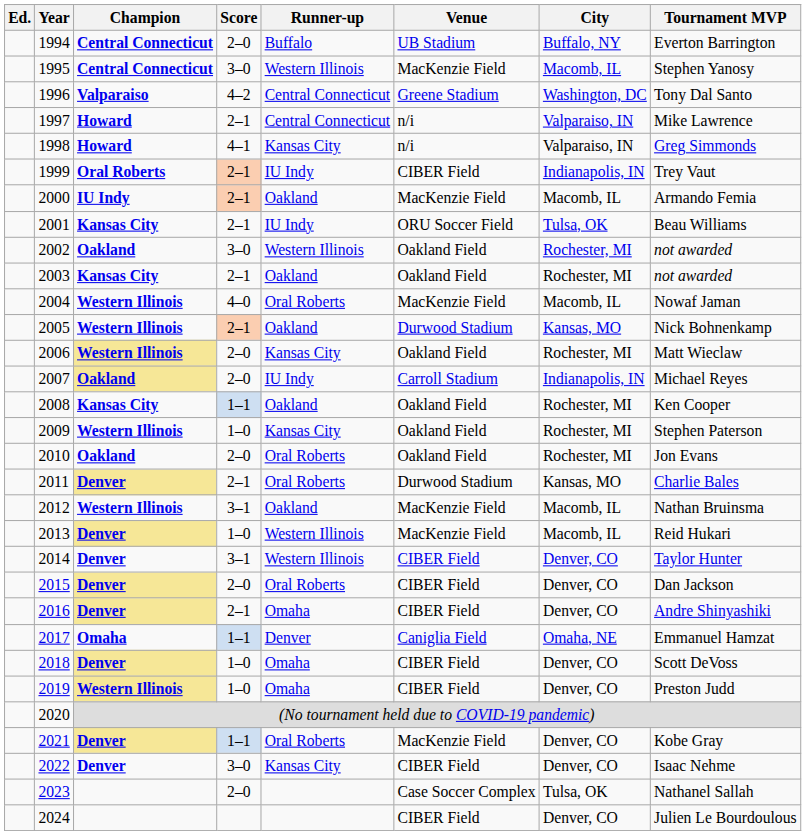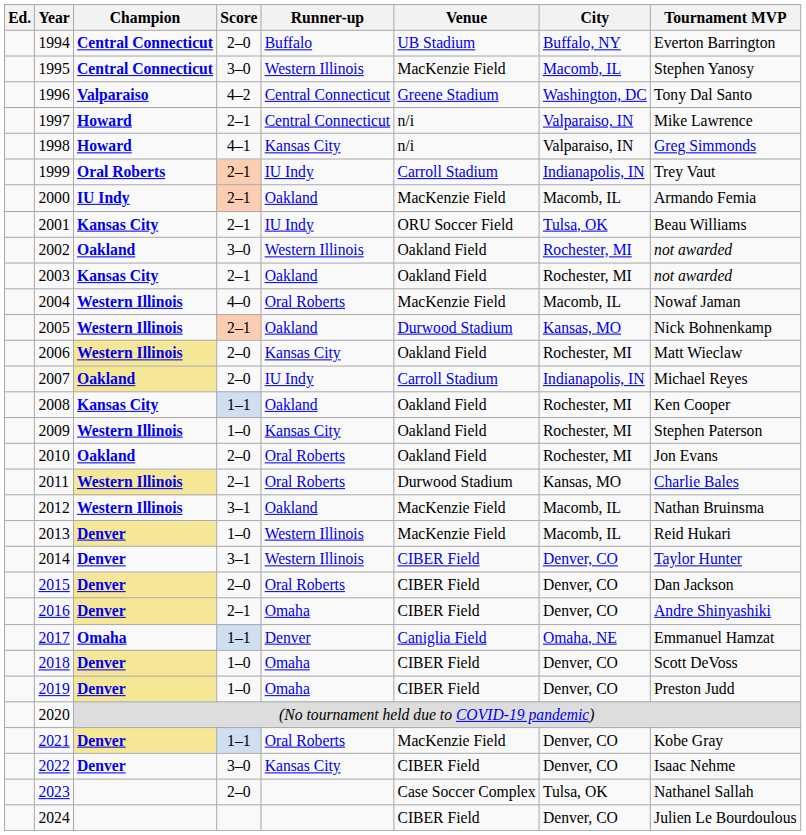 <table class="wikitable sortable"; style= "font-size: 95%">
 <tr>
 <th width=px>Ed.</th>
 <th width=px>Year</th>
 <th width=px>Champion</th>
 <th width=px>Score</th>
 <th width=px>Runner-up</th>
 <th width=px>Venue</th>
 <th width=px>City</th>
 <th width=px>Tournament MVP</th>
 </tr>
 <tr>
 <td></td>
 <td>1994</td>
 <td><strong><a href='#'>Central Connecticut</a></strong> </td>
 <td align="center">2–0</td>
 <td><a href='#'>Buffalo</a></td>
 <td><a href='#'>UB Stadium</a></td>
 <td><a href='#'>Buffalo, NY</a></td>
 <td>Everton Barrington </td>
 </tr>
 <tr>
 <td></td>
 <td>1995</td>
 <td><strong><a href='#'>Central Connecticut</a></strong> </td>
 <td align="center">3–0</td>
 <td><a href='#'>Western Illinois</a></td>
 <td>MacKenzie Field</td>
 <td><a href='#'>Macomb, IL</a></td>
 <td>Stephen Yanosy </td>
 </tr>
 <tr>
 <td></td>
 <td>1996</td>
 <td><strong><a href='#'>Valparaiso</a></strong> </td>
 <td align="center">4–2</td>
 <td><a href='#'>Central Connecticut</a></td>
 <td><a href='#'>Greene Stadium</a></td>
 <td><a href='#'>Washington, DC</a></td>
 <td>Tony Dal Santo </td>
 </tr>
 <tr>
 <td></td>
 <td>1997</td>
 <td><strong><a href='#'>Howard</a></strong> </td>
 <td align="center">2–1</td>
 <td><a href='#'>Central Connecticut</a></td>
 <td>n/i</td>
 <td><a href='#'>Valparaiso, IN</a></td>
 <td>Mike Lawrence </td>
 </tr>
 <tr>
 <td></td>
 <td>1998</td>
 <td><strong><a href='#'>Howard</a></strong> </td>
 <td align="center">4–1</td>
 <td><a href='#'>Kansas City</a></td>
 <td>n/i</td>
 <td>Valparaiso, IN</td>
 <td><a href='#'>Greg Simmonds</a> </td>
 </tr>
 <tr>
 <td></td>
 <td>1999</td>
 <td><strong><a href='#'>Oral Roberts</a></strong> </td>
 <td align="center" style="background-color:#FBCEB1">2–1 </td>
 <td><a href='#'>IU Indy</a></td>
-<td>CIBER Field</td>
+<td><a href='#'>Carroll Stadium</a></td>
 <td><a href='#'>Indianapolis, IN</a></td>
 <td>Trey Vaut </td>
 </tr>
 <tr>
 <td></td>
 <td>2000</td>
 <td><strong><a href='#'>IU Indy</a></strong> </td>
 <td align="center" style="background-color:#FBCEB1">2–1 </td>
 <td><a href='#'>Oakland</a></td>
 <td>MacKenzie Field</td>
 <td>Macomb, IL</td>
 <td>Armando Femia </td>
 </tr>
 <tr>
 <td></td>
 <td>2001</td>
 <td><strong><a href='#'>Kansas City</a></strong> </td>
 <td align="center">2–1</td>
 <td><a href='#'>IU Indy</a></td>
 <td>ORU Soccer Field</td>
 <td><a href='#'>Tulsa, OK</a></td>
 <td>Beau Williams </td>
 </tr>
 <tr>
 <td></td>
 <td>2002</td>
 <td><strong><a href='#'>Oakland</a></strong> </td>
 <td align="center">3–0</td>
 <td><a href='#'>Western Illinois</a></td>
 <td>Oakland Field</td>
 <td><a href='#'>Rochester, MI</a></td>
 <td><em>not awarded</em></td>
 </tr>
 <tr>
 <td></td>
 <td>2003</td>
 <td><strong><a href='#'>Kansas City</a></strong> </td>
 <td align="center">2–1</td>
 <td><a href='#'>Oakland</a></td>
 <td>Oakland Field</td>
 <td>Rochester, MI</td>
 <td><em>not awarded</em></td>
 </tr>
 <tr>
 <td></td>
 <td>2004</td>
 <td><strong><a href='#'>Western Illinois</a></strong> </td>
 <td align="center">4–0</td>
 <td><a href='#'>Oral Roberts</a></td>
 <td>MacKenzie Field</td>
 <td>Macomb, IL</td>
 <td>Nowaf Jaman </td>
 </tr>
 <tr>
 <td></td>
 <td>2005</td>
 <td><strong><a href='#'>Western Illinois</a></strong> </td>
 <td align="center" style="background-color:#FBCEB1">2–1 </td>
 <td><a href='#'>Oakland</a></td>
 <td><a href='#'>Durwood Stadium</a></td>
 <td><a href='#'>Kansas, MO</a></td>
 <td>Nick Bohnenkamp </td>
 </tr>
 <tr>
 <td></td>
 <td>2006</td>
 <td bgcolor= #F6E797><strong><a href='#'>Western Illinois</a></strong> </td>
 <td align="center">2–0</td>
 <td><a href='#'>Kansas City</a></td>
 <td>Oakland Field</td>
 <td>Rochester, MI</td>
 <td>Matt Wieclaw </td>
 </tr>
 <tr>
 <td></td>
 <td>2007</td>
 <td bgcolor= #F6E797><strong><a href='#'>Oakland</a></strong> </td>
 <td align="center">2–0</td>
 <td><a href='#'>IU Indy</a></td>
 <td><a href='#'>Carroll Stadium</a></td>
 <td><a href='#'>Indianapolis, IN</a></td>
 <td>Michael Reyes </td>
 </tr>
 <tr>
 <td></td>
 <td>2008</td>
 <td><strong><a href='#'>Kansas City</a></strong> </td>
 <td align="center" style="background-color:#cedff2">1–1 </td>
 <td><a href='#'>Oakland</a></td>
 <td>Oakland Field</td>
 <td>Rochester, MI</td>
 <td>Ken Cooper </td>
 </tr>
 <tr>
 <td></td>
 <td>2009</td>
 <td><strong><a href='#'>Western Illinois</a></strong> </td>
 <td align="center">1–0</td>
 <td><a href='#'>Kansas City</a></td>
 <td>Oakland Field</td>
 <td>Rochester, MI</td>
 <td>Stephen Paterson </td>
 </tr>
 <tr>
 <td></td>
 <td>2010</td>
 <td><strong><a href='#'>Oakland</a></strong> </td>
 <td align="center">2–0</td>
 <td><a href='#'>Oral Roberts</a></td>
 <td>Oakland Field</td>
 <td>Rochester, MI</td>
 <td>Jon Evans </td>
 </tr>
 <tr>
 <td></td>
 <td>2011</td>
-<td bgcolor= #F6E797><strong><a href='#'>Denver</a></strong> </td>
+<td bgcolor= #F6E797><strong><a href='#'>Western Illinois</a></strong> </td>
 <td align="center">2–1</td>
 <td><a href='#'>Oral Roberts</a></td>
 <td>Durwood Stadium</td>
 <td>Kansas, MO</td>
 <td><a href='#'>Charlie Bales</a> </td>
 </tr>
 <tr>
 <td></td>
 <td>2012</td>
 <td><strong><a href='#'>Western Illinois</a></strong> </td>
 <td align="center">3–1</td>
 <td><a href='#'>Oakland</a></td>
 <td>MacKenzie Field</td>
 <td>Macomb, IL</td>
 <td>Nathan Bruinsma </td>
 </tr>
 <tr>
 <td></td>
 <td>2013</td>
 <td bgcolor= #F6E797><strong><a href='#'>Denver</a></strong> </td>
 <td align="center">1–0</td>
 <td><a href='#'>Western Illinois</a></td>
 <td>MacKenzie Field</td>
 <td>Macomb, IL</td>
 <td>Reid Hukari </td>
 </tr>
 <tr>
 <td></td>
 <td>2014</td>
 <td><strong><a href='#'>Denver</a></strong> </td>
 <td align="center">3–1</td>
 <td><a href='#'>Western Illinois</a></td>
 <td><a href='#'>CIBER Field</a></td>
 <td><a href='#'>Denver, CO</a></td>
 <td><a href='#'>Taylor Hunter</a> </td>
 </tr>
 <tr>
 <td></td>
 <td><a href='#'>2015</a></td>
 <td bgcolor= #F6E797><strong><a href='#'>Denver</a></strong> </td>
 <td align=center>2–0</td>
 <td><a href='#'>Oral Roberts</a></td>
 <td>CIBER Field</td>
 <td>Denver, CO</td>
 <td>Dan Jackson </td>
 </tr>
 <tr>
 <td></td>
 <td><a href='#'>2016</a></td>
 <td bgcolor= #F6E797><strong><a href='#'>Denver</a></strong> </td>
 <td align="center">2–1</td>
 <td><a href='#'>Omaha</a></td>
 <td>CIBER Field</td>
 <td>Denver, CO</td>
 <td><a href='#'>Andre Shinyashiki</a> </td>
 </tr>
 <tr>
 <td></td>
 <td><a href='#'>2017</a></td>
 <td><strong><a href='#'>Omaha</a></strong> </td>
 <td align="center" style="background-color:#cedff2">1–1 </td>
 <td><a href='#'>Denver</a></td>
 <td><a href='#'>Caniglia Field</a></td>
 <td><a href='#'>Omaha, NE</a></td>
 <td>Emmanuel Hamzat </td>
 </tr>
 <tr>
 <td></td>
 <td><a href='#'>2018</a></td>
 <td bgcolor= #F6E797><strong><a href='#'>Denver</a></strong> </td>
 <td align="center">1–0</td>
 <td><a href='#'>Omaha</a></td>
 <td>CIBER Field</td>
 <td>Denver, CO</td>
 <td>Scott DeVoss </td>
 </tr>
 <tr>
 <td></td>
 <td><a href='#'>2019</a></td>
-<td bgcolor= #F6E797><strong><a href='#'>Western Illinois</a></strong> </td>
+<td bgcolor= #F6E797><strong><a href='#'>Denver</a></strong> </td>
 <td align="center">1–0</td>
 <td><a href='#'>Omaha</a></td>
 <td>CIBER Field</td>
 <td>Denver, CO</td>
 <td>Preston Judd </td>
 </tr>
 <tr>
 <td></td>
 <td>2020</td>
 <td colspan=6 align="center" style= background:#dddddd><em>(No tournament held due to <a href='#'>COVID-19 pandemic</a>)</em> </td>
 </tr>
 <tr>
 <td></td>
 <td><a href='#'>2021</a></td>
 <td bgcolor= #F6E797><strong><a href='#'>Denver</a></strong> </td>
 <td align="center" style="background-color:#cedff2">1–1 </td>
 <td><a href='#'>Oral Roberts</a></td>
 <td>MacKenzie Field</td>
 <td>Denver, CO</td>
 <td>Kobe Gray </td>
 </tr>
 <tr>
 <td></td>
 <td><a href='#'>2022</a></td>
 <td><strong><a href='#'>Denver</a></strong> </td>
 <td align="center">3–0</td>
 <td><a href='#'>Kansas City</a></td>
 <td>CIBER Field</td>
 <td>Denver, CO</td>
 <td>Isaac Nehme </td>
 </tr>
 <tr>
 <td></td>
 <td><a href='#'>2023</a></td>
 <td><strong></strong></td>
 <td align="center">2–0</td>
 <td></td>
 <td>Case Soccer Complex</td>
 <td>Tulsa, OK</td>
 <td>Nathanel Sallah </td>
 </tr>
 <tr>
 <td></td>
 <td>2024</td>
 <td><strong></strong> </td>
 <td></td>
 <td></td>
 <td>CIBER Field</td>
 <td>Denver, CO</td>
 <td>Julien Le Bourdoulous </td>
 </tr>
 </table>
